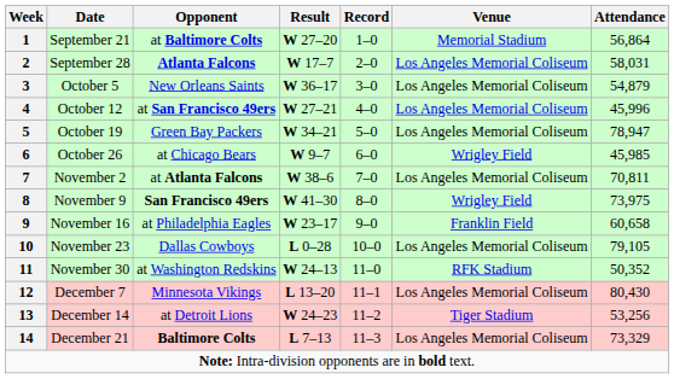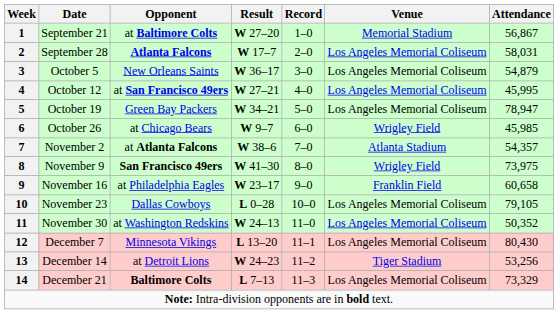 <table class="wikitable" style="text-align:center">
 <tr>
 <th>Week</th>
 <th>Date</th>
 <th>Opponent</th>
 <th>Result</th>
 <th>Record</th>
 <th>Venue</th>
 <th>Attendance</th>
 </tr>
 <tr style="background:#cfc">
 <th>1</th>
 <td>September 21</td>
 <td>at <strong><a href='#'>Baltimore Colts</a></strong></td>
 <td><strong>W</strong> 27–20</td>
 <td>1–0</td>
 <td><a href='#'>Memorial Stadium</a></td>
-<td>56,864</td>
+<td>56,867</td>
 </tr>
 <tr style="background:#cfc">
 <th>2</th>
 <td>September 28</td>
 <td><strong><a href='#'>Atlanta Falcons</a></strong></td>
 <td><strong>W</strong> 17–7</td>
 <td>2–0</td>
 <td><a href='#'>Los Angeles Memorial Coliseum</a></td>
 <td>58,031</td>
 </tr>
 <tr style="background:#cfc">
 <th>3</th>
 <td>October 5</td>
 <td><a href='#'>New Orleans Saints</a></td>
 <td><strong>W</strong> 36–17</td>
 <td>3–0</td>
 <td>Los Angeles Memorial Coliseum</td>
 <td>54,879</td>
 </tr>
 <tr style="background:#cfc">
 <th>4</th>
 <td>October 12</td>
 <td>at <strong><a href='#'>San Francisco 49ers</a></strong></td>
 <td><strong>W</strong> 27–21</td>
 <td>4–0</td>
 <td><a href='#'>Los Angeles Memorial Coliseum</a></td>
-<td>45,996</td>
+<td>45,995</td>
 </tr>
 <tr style="background:#cfc">
 <th>5</th>
 <td>October 19</td>
 <td><a href='#'>Green Bay Packers</a></td>
 <td><strong>W</strong> 34–21</td>
 <td>5–0</td>
 <td>Los Angeles Memorial Coliseum</td>
 <td>78,947</td>
 </tr>
 <tr style="background:#cfc">
 <th>6</th>
 <td>October 26</td>
 <td>at <a href='#'>Chicago Bears</a></td>
 <td><strong>W</strong> 9–7</td>
 <td>6–0</td>
 <td><a href='#'>Wrigley Field</a></td>
 <td>45,985</td>
 </tr>
 <tr style="background:#cfc">
 <th>7</th>
 <td>November 2</td>
 <td>at <strong>Atlanta Falcons</strong></td>
 <td><strong>W</strong> 38–6</td>
 <td>7–0</td>
-<td>Los Angeles Memorial Coliseum</td>
-<td>70,811</td>
+<td><a href='#'>Atlanta Stadium</a></td>
+<td>54,357</td>
 </tr>
 <tr style="background:#cfc">
 <th>8</th>
 <td>November 9</td>
 <td><strong>San Francisco 49ers</strong></td>
 <td><strong>W</strong> 41–30</td>
 <td>8–0</td>
 <td><a href='#'>Wrigley Field</a></td>
 <td>73,975</td>
 </tr>
 <tr style="background:#cfc">
 <th>9</th>
 <td>November 16</td>
 <td>at <a href='#'>Philadelphia Eagles</a></td>
 <td><strong>W</strong> 23–17</td>
 <td>9–0</td>
 <td><a href='#'>Franklin Field</a></td>
 <td>60,658</td>
 </tr>
 <tr style="background:#cfc">
 <th>10</th>
 <td>November 23</td>
 <td><a href='#'>Dallas Cowboys</a></td>
 <td><strong>L</strong> 0–28</td>
 <td>10–0</td>
 <td>Los Angeles Memorial Coliseum</td>
 <td>79,105</td>
 </tr>
 <tr style="background:#cfc">
 <th>11</th>
 <td>November 30</td>
 <td>at <a href='#'>Washington Redskins</a></td>
 <td><strong>W</strong> 24–13</td>
 <td>11–0</td>
-<td><a href='#'>RFK Stadium</a></td>
+<td><a href='#'>Los Angeles Memorial Coliseum</a></td>
 <td>50,352</td>
 </tr>
 <tr style="background:#fcc">
 <th>12</th>
 <td>December 7</td>
 <td><a href='#'>Minnesota Vikings</a></td>
 <td><strong>L</strong> 13–20</td>
 <td>11–1</td>
 <td>Los Angeles Memorial Coliseum</td>
 <td>80,430</td>
 </tr>
 <tr style="background:#fcc">
 <th>13</th>
 <td>December 14</td>
 <td>at <a href='#'>Detroit Lions</a></td>
 <td><strong>W</strong> 24–23</td>
 <td>11–2</td>
 <td><a href='#'>Tiger Stadium</a></td>
 <td>53,256</td>
 </tr>
 <tr style="background:#fcc">
 <th>14</th>
 <td>December 21</td>
 <td><strong>Baltimore Colts</strong></td>
 <td><strong>L</strong> 7–13</td>
 <td>11–3</td>
 <td>Los Angeles Memorial Coliseum</td>
 <td>73,329</td>
 </tr>
 <tr>
 <td colspan="8"><strong>Note:</strong> Intra-division opponents are in <strong>bold</strong> text.</td>
 </tr>
 </table>
